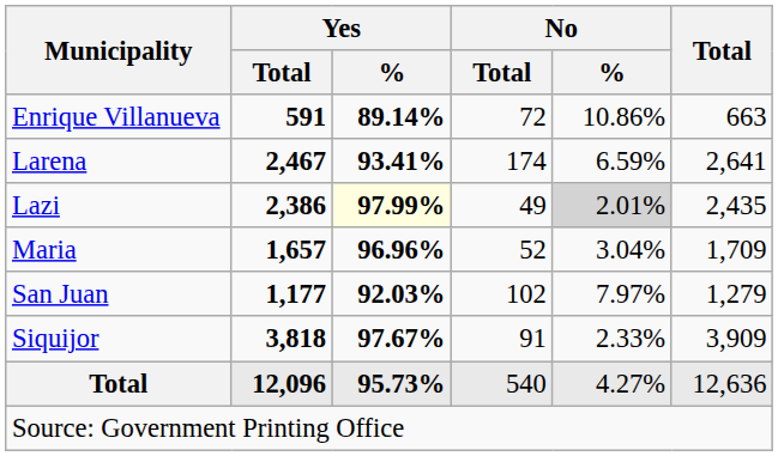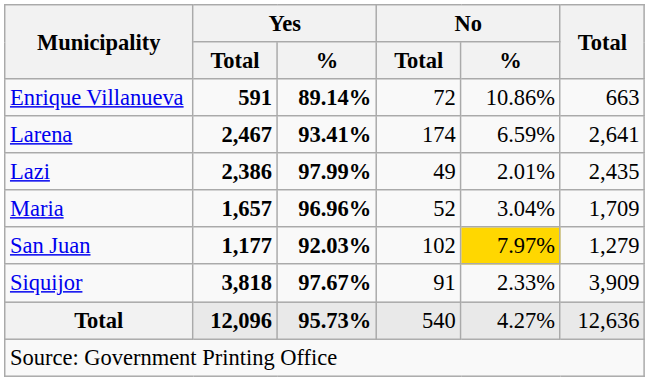 <table class="wikitable" style="text-align:right; font-size:95%">
 <tr>
 <th rowspan="2" width="120px" align="left">Municipality</th>
 <th colspan="2">Yes</th>
 <th colspan="2">No</th>
 <th rowspan="2" width="50px">Total</th>
 </tr>
 <tr>
 <th width="50px">Total</th>
 <th width="60px">%</th>
 <th width="50px">Total</th>
 <th width="60px">%</th>
 </tr>
 <tr>
 <td align="left"><a href='#'>Enrique Villanueva</a></td>
 <td><strong>591</strong></td>
 <td><strong>89.14%</strong></td>
 <td>72</td>
 <td>10.86%</td>
 <td>663</td>
 </tr>
 <tr>
 <td align="left"><a href='#'>Larena</a></td>
 <td><strong>2,467</strong></td>
 <td><strong>93.41%</strong></td>
 <td>174</td>
 <td>6.59%</td>
 <td>2,641</td>
 </tr>
 <tr>
 <td align="left"><a href='#'>Lazi</a></td>
 <td><strong>2,386</strong></td>
-<td style="background: lightyellow;"><strong>97.99%</strong></td>
+<td><strong>97.99%</strong></td>
 <td>49</td>
-<td style="background: lightgrey;">2.01%</td>
+<td>2.01%</td>
 <td>2,435</td>
 </tr>
 <tr>
 <td align="left"><a href='#'>Maria</a></td>
 <td><strong>1,657</strong></td>
 <td><strong>96.96%</strong></td>
 <td>52</td>
 <td>3.04%</td>
 <td>1,709</td>
 </tr>
 <tr>
 <td align="left"><a href='#'>San Juan</a></td>
 <td><strong>1,177</strong></td>
 <td><strong>92.03%</strong></td>
 <td>102</td>
-<td>7.97%</td>
+<td style="background: gold;">7.97%</td>
 <td>1,279</td>
 </tr>
 <tr>
 <td align="left"><a href='#'>Siquijor</a></td>
 <td><strong>3,818</strong></td>
 <td><strong>97.67%</strong></td>
 <td>91</td>
 <td>2.33%</td>
 <td>3,909</td>
 </tr>
 <tr style="background:#E9E9E9">
 <th align="left"><strong>Total</strong></th>
 <td><strong>12,096</strong></td>
 <td><strong>95.73%</strong></td>
 <td>540</td>
 <td>4.27%</td>
 <td>12,636</td>
 </tr>
 <tr>
 <td colspan="6" align="left">Source: Government Printing Office</td>
 </tr>
 </table>
